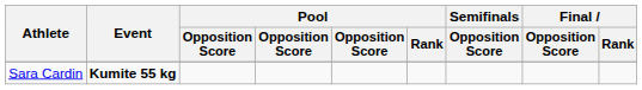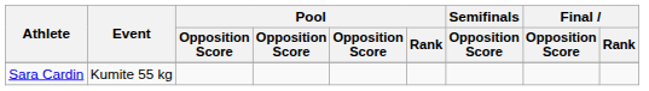 <table class=wikitable style="font-size:90%">
 <tr>
 <th rowspan="2">Athlete</th>
 <th rowspan="2">Event</th>
 <th colspan="4">Pool</th>
 <th>Semifinals</th>
 <th colspan="2">Final / </th>
 </tr>
 <tr style="font-size:95%">
 <th>Opposition<br>Score</th>
 <th>Opposition<br>Score</th>
 <th>Opposition<br>Score</th>
 <th>Rank</th>
 <th>Opposition<br>Score</th>
 <th>Opposition<br>Score</th>
 <th>Rank</th>
 </tr>
 <tr style="font-size:95%">
 </tr>
 <tr align=center>
 <td align=left><a href='#'>Sara Cardin</a></td>
-<td><strong>Kumite 55 kg</strong></td>
+<td>Kumite 55 kg</td>
 <td></td>
 <td></td>
 <td></td>
 <td></td>
 <td></td>
 <td></td>
 <td></td>
 </tr>
 </table>
